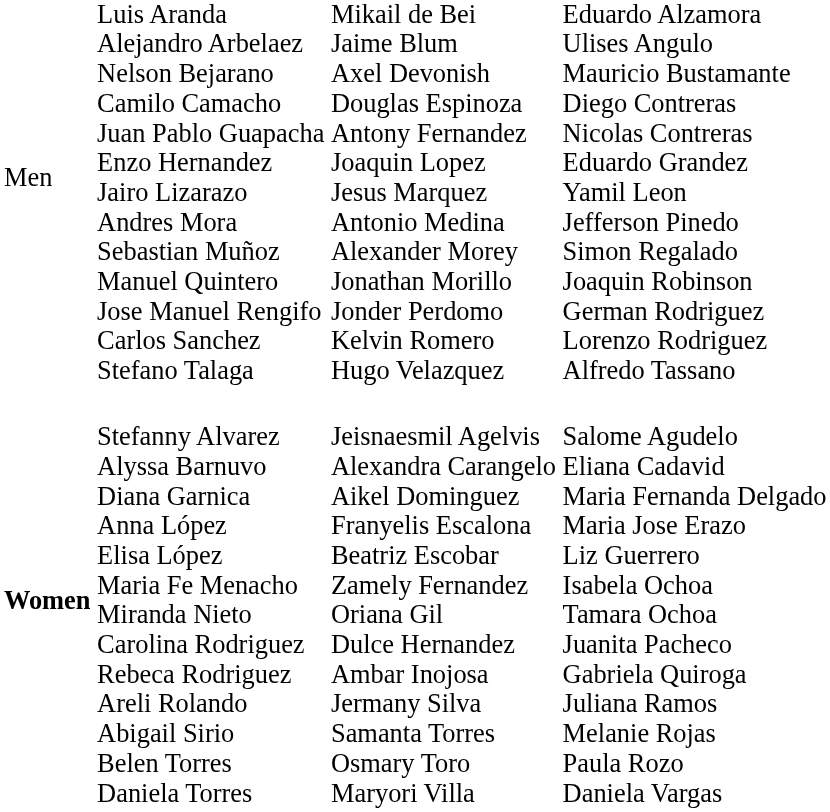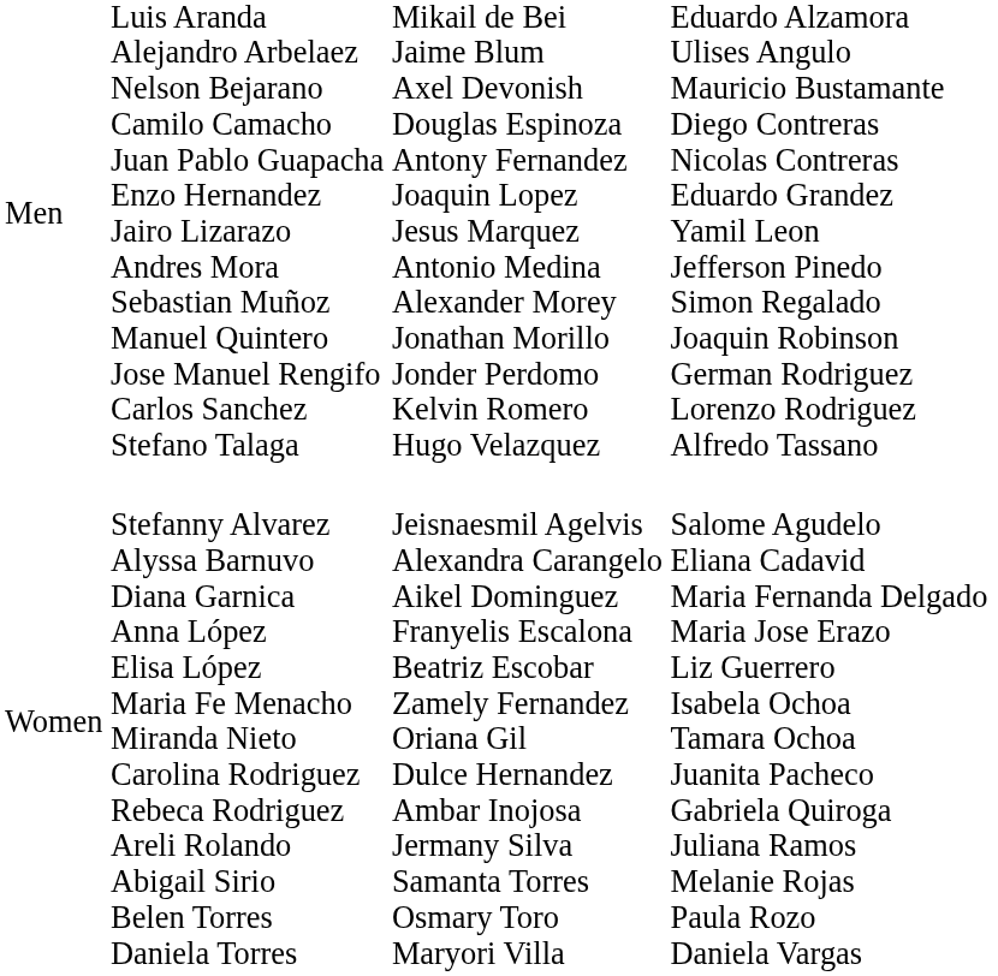 <table>
 <tr>
 <td>Men</td>
 <td nowrap><br>Luis Aranda<br>Alejandro Arbelaez<br>Nelson Bejarano<br>Camilo Camacho<br>Juan Pablo Guapacha<br>Enzo Hernandez<br>Jairo Lizarazo<br>Andres Mora<br>Sebastian Muñoz<br>Manuel Quintero<br>Jose Manuel Rengifo<br>Carlos Sanchez<br>Stefano Talaga</td>
 <td><br>Mikail de Bei<br>Jaime Blum<br>Axel Devonish<br>Douglas Espinoza<br>Antony Fernandez<br>Joaquin Lopez<br>Jesus Marquez<br>Antonio Medina<br>Alexander Morey<br>Jonathan Morillo<br>Jonder Perdomo<br>Kelvin Romero<br>Hugo Velazquez</td>
 <td><br>Eduardo Alzamora<br>Ulises Angulo<br>Mauricio Bustamante<br>Diego Contreras<br>Nicolas Contreras<br>Eduardo Grandez<br>Yamil Leon<br>Jefferson Pinedo<br>Simon Regalado<br>Joaquin Robinson<br>German Rodriguez<br>Lorenzo Rodriguez<br>Alfredo Tassano</td>
 </tr>
 <tr>
-<td><strong>Women</strong></td>
+<td>Women</td>
 <td><br>Stefanny Alvarez<br>Alyssa Barnuvo<br>Diana Garnica<br>Anna López<br>Elisa López<br>Maria Fe Menacho<br>Miranda Nieto<br>Carolina Rodriguez<br>Rebeca Rodriguez<br>Areli Rolando<br>Abigail Sirio<br>Belen Torres<br>Daniela Torres</td>
 <td nowrap><br>Jeisnaesmil Agelvis<br>Alexandra Carangelo<br>Aikel Dominguez<br>Franyelis Escalona<br>Beatriz Escobar<br>Zamely Fernandez<br>Oriana Gil<br>Dulce Hernandez<br>Ambar Inojosa<br>Jermany Silva<br>Samanta Torres<br>Osmary Toro<br>Maryori Villa</td>
 <td nowrap><br>Salome Agudelo<br>Eliana Cadavid<br>Maria Fernanda Delgado<br>Maria Jose Erazo<br>Liz Guerrero<br>Isabela Ochoa<br>Tamara Ochoa<br>Juanita Pacheco<br>Gabriela Quiroga<br>Juliana Ramos<br>Melanie Rojas<br>Paula Rozo<br>Daniela Vargas</td>
 </tr>
 </table>
